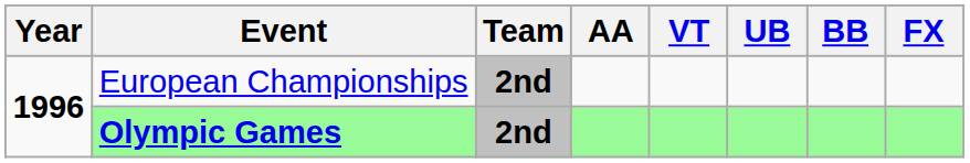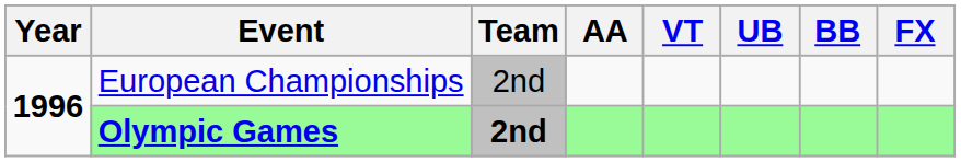 <table class="wikitable" style="text-align:center; font-size: 95%;">
 <tr>
 <th>Year</th>
 <th>Event</th>
 <th style="width:30px;">Team</th>
 <th style="width:30px;">AA</th>
 <th style="width:30px;"><a href='#'>VT</a></th>
 <th style="width:30px;"><a href='#'>UB</a></th>
 <th style="width:30px;"><a href='#'>BB</a></th>
 <th style="width:30px;"><a href='#'>FX</a></th>
 </tr>
 <tr>
 <td rowspan="2"><strong>1996</strong></td>
 <td align=left><a href='#'>European Championships</a></td>
-<td style="background:silver;"><strong>2nd</strong></td>
+<td style="background:silver;">2nd</td>
 <td></td>
 <td></td>
 <td></td>
 <td></td>
 <td></td>
 </tr>
 <tr bgcolor=98FB98>
 <td align=left><strong><a href='#'>Olympic Games</a></strong></td>
 <td style="background:silver;"><strong>2nd</strong></td>
 <td></td>
 <td></td>
 <td></td>
 <td></td>
 <td></td>
 </tr>
 </table>
